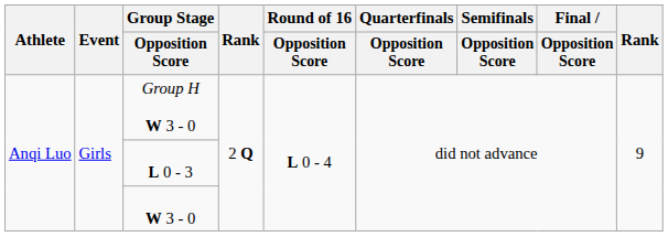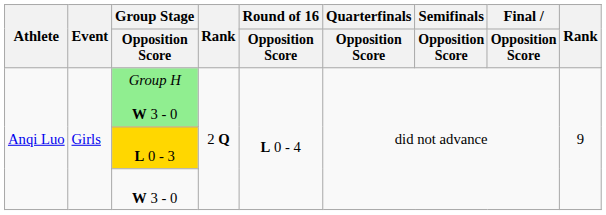 <table class=wikitable style="font-size:90%">
 <tr>
 <th rowspan="2">Athlete</th>
 <th rowspan="2">Event</th>
 <th>Group Stage</th>
 <th rowspan="2">Rank</th>
 <th>Round of 16</th>
 <th>Quarterfinals</th>
 <th>Semifinals</th>
 <th>Final / </th>
 <th rowspan=2>Rank</th>
 </tr>
 <tr style="font-size:95%">
 <th>Opposition<br>Score</th>
 <th>Opposition<br>Score</th>
 <th>Opposition<br>Score</th>
 <th>Opposition<br>Score</th>
 <th>Opposition<br>Score</th>
 </tr>
 <tr align=center>
 <td align=left rowspan=3><a href='#'>Anqi Luo</a></td>
 <td align=left rowspan=3><a href='#'>Girls</a></td>
-<td><em>Group H</em><br><br><strong>W</strong> 3 - 0</td>
+<td style="background: lightgreen;"><em>Group H</em><br><br><strong>W</strong> 3 - 0</td>
 <td rowspan=3>2 <strong>Q</strong></td>
 <td rowspan=3><br><strong>L</strong> 0 - 4</td>
 <td rowspan=3 colspan=3>did not advance</td>
 <td rowspan=3>9</td>
 </tr>
 <tr align=center>
-<td><br><strong>L</strong> 0 - 3</td>
+<td style="background: gold;"><br><strong>L</strong> 0 - 3</td>
 </tr>
 <tr align=center>
 <td><br><strong>W</strong> 3 - 0</td>
 </tr>
 </table>
